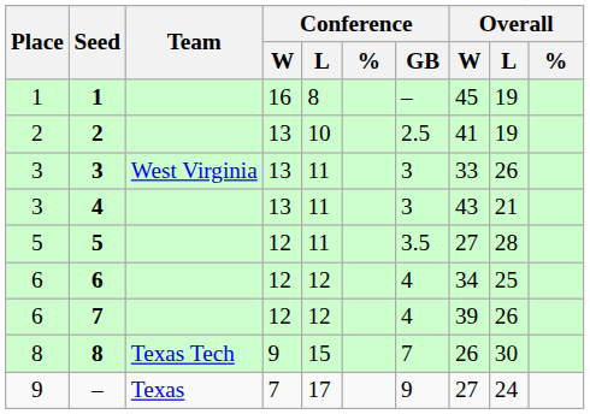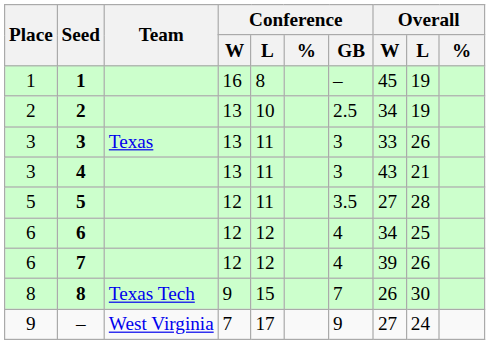 <table class="wikitable">
 <tr>
 <th rowspan ="2">Place</th>
 <th rowspan ="2">Seed</th>
 <th rowspan ="2">Team</th>
 <th colspan = "4">Conference</th>
 <th colspan = "3">Overall</th>
 </tr>
 <tr>
 <th scope="col" style="width: 20px;">W</th>
 <th scope="col" style="width: 20px;">L</th>
 <th scope="col" style="width: 30px;">%</th>
 <th scope="col" style="width: 30px;">GB</th>
 <th scope="col" style="width: 20px;">W</th>
 <th scope="col" style="width: 20px;">L</th>
 <th scope="col" style="width: 30px;">%</th>
 </tr>
 <tr bgcolor=#ccffcc>
 <td style="text-align:center;">1</td>
 <td style="text-align:center;"><strong>1</strong></td>
 <td></td>
 <td>16</td>
 <td>8</td>
 <td></td>
 <td>–</td>
 <td>45</td>
 <td>19</td>
 <td></td>
 </tr>
 <tr bgcolor=#ccffcc>
 <td style="text-align:center;">2</td>
 <td style="text-align:center;"><strong>2</strong></td>
 <td></td>
 <td>13</td>
 <td>10</td>
 <td></td>
 <td>2.5</td>
-<td>41</td>
+<td>34</td>
 <td>19</td>
 <td></td>
 </tr>
 <tr bgcolor=#ccffcc>
 <td style="text-align:center;">3</td>
 <td style="text-align:center;"><strong>3</strong></td>
-<td><a href='#'>West Virginia</a></td>
+<td><a href='#'>Texas</a></td>
 <td>13</td>
 <td>11</td>
 <td></td>
 <td>3</td>
 <td>33</td>
 <td>26</td>
 <td></td>
 </tr>
 <tr bgcolor=#ccffcc>
 <td style="text-align:center;">3</td>
 <td style="text-align:center;"><strong>4</strong></td>
 <td></td>
 <td>13</td>
 <td>11</td>
 <td></td>
 <td>3</td>
 <td>43</td>
 <td>21</td>
 <td></td>
 </tr>
 <tr bgcolor=#ccffcc>
 <td style="text-align:center;">5</td>
 <td style="text-align:center;"><strong>5</strong></td>
 <td></td>
 <td>12</td>
 <td>11</td>
 <td></td>
 <td>3.5</td>
 <td>27</td>
 <td>28</td>
 <td></td>
 </tr>
 <tr bgcolor=#ccffcc>
 <td style="text-align:center;">6</td>
 <td style="text-align:center;"><strong>6</strong></td>
 <td></td>
 <td>12</td>
 <td>12</td>
 <td></td>
 <td>4</td>
 <td>34</td>
 <td>25</td>
 <td></td>
 </tr>
 <tr bgcolor=#ccffcc>
 <td style="text-align:center;">6</td>
 <td style="text-align:center;"><strong>7</strong></td>
 <td></td>
 <td>12</td>
 <td>12</td>
 <td></td>
 <td>4</td>
 <td>39</td>
 <td>26</td>
 <td></td>
 </tr>
 <tr bgcolor=#ccffcc>
 <td style="text-align:center;">8</td>
 <td style="text-align:center;"><strong>8</strong></td>
 <td><a href='#'>Texas Tech</a></td>
 <td>9</td>
 <td>15</td>
 <td></td>
 <td>7</td>
 <td>26</td>
 <td>30</td>
 <td></td>
 </tr>
 <tr>
 <td style="text-align:center;">9</td>
 <td style="text-align:center;">–</td>
-<td><a href='#'>Texas</a></td>
+<td><a href='#'>West Virginia</a></td>
 <td>7</td>
 <td>17</td>
 <td></td>
 <td>9</td>
 <td>27</td>
 <td>24</td>
 <td></td>
 </tr>
 </table>
